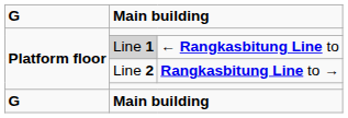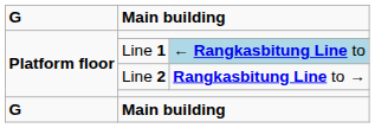 <table class="wikitable">
 <tr>
 <td><strong>G</strong></td>
 <td colspan="2"><strong>Main building</strong></td>
 </tr>
 <tr>
 <td rowspan="4"><strong>Platform floor</strong></td>
 <td colspan="2"></td>
 </tr>
 <tr>
-<td style="background: lightgrey;">Line <strong>1</strong></td>
-<td>←   <strong><a href='#'>Rangkasbitung Line</a></strong> to </td>
+<td>Line <strong>1</strong></td>
+<td style="background: lightblue;">←   <strong><a href='#'>Rangkasbitung Line</a></strong> to </td>
 </tr>
 <tr>
 <td>Line <strong>2</strong></td>
 <td> <strong><a href='#'>Rangkasbitung Line</a></strong> to   →</td>
 </tr>
 <tr>
 <td colspan="2"></td>
 </tr>
 <tr>
 <td><strong>G</strong></td>
 <td colspan="2"><strong>Main building</strong></td>
 </tr>
 </table>
